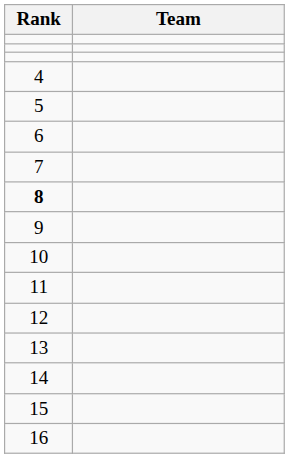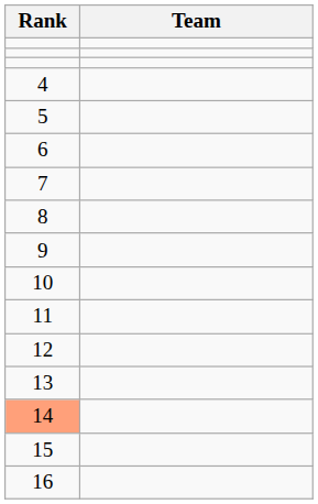 <table class="wikitable" style="text-align: center">
 <tr>
 <th width=50>Rank</th>
 <th width=170>Team</th>
 </tr>
 <tr>
 <td></td>
 <td align=left></td>
 </tr>
 <tr>
 <td></td>
 <td align=left></td>
 </tr>
 <tr>
 <td></td>
 <td align=left></td>
 </tr>
 <tr>
 <td>4</td>
 <td align=left></td>
 </tr>
 <tr>
 <td>5</td>
 <td align=left></td>
 </tr>
 <tr>
 <td>6</td>
 <td align=left></td>
 </tr>
 <tr>
 <td>7</td>
 <td align=left></td>
 </tr>
 <tr>
-<td><strong>8</strong></td>
+<td>8</td>
 <td align=left></td>
 </tr>
 <tr>
 <td>9</td>
 <td align=left></td>
 </tr>
 <tr>
 <td>10</td>
 <td align=left></td>
 </tr>
 <tr>
 <td>11</td>
 <td align=left></td>
 </tr>
 <tr>
 <td>12</td>
 <td align=left></td>
 </tr>
 <tr>
 <td>13</td>
 <td align=left></td>
 </tr>
 <tr>
-<td>14</td>
+<td style="background: lightsalmon;">14</td>
 <td align=left></td>
 </tr>
 <tr>
 <td>15</td>
 <td align=left></td>
 </tr>
 <tr>
 <td>16</td>
 <td align=left></td>
 </tr>
 </table>
